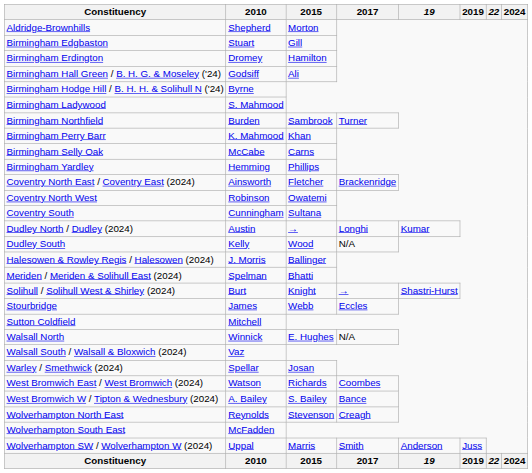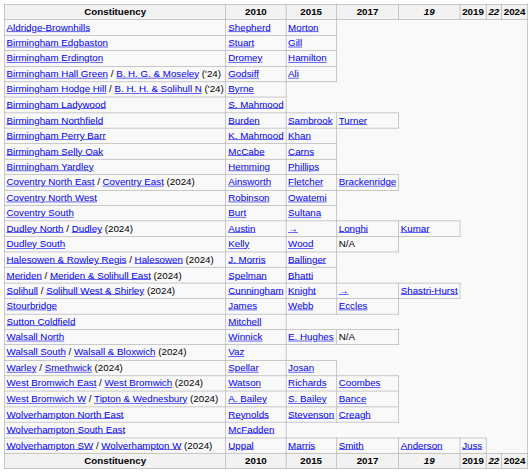 <table class="wikitable">
 <tr>
 <th>Constituency</th>
 <th>2010</th>
 <th>2015</th>
 <th>2017</th>
 <th><em>19</em></th>
 <th>2019</th>
 <th><em>22</em></th>
 <th>2024</th>
 </tr>
 <tr>
 <td><a href='#'>Aldridge-Brownhills</a></td>
 <td><a href='#'>Shepherd</a></td>
 <td><a href='#'>Morton</a></td>
 </tr>
 <tr>
 <td><a href='#'>Birmingham Edgbaston</a></td>
 <td><a href='#'>Stuart</a></td>
 <td><a href='#'>Gill</a></td>
 </tr>
 <tr>
 <td><a href='#'>Birmingham Erdington</a></td>
 <td><a href='#'>Dromey</a></td>
 <td><a href='#'>Hamilton</a></td>
 </tr>
 <tr>
 <td><a href='#'>Birmingham Hall Green</a> / <a href='#'>B. H. G. & Moseley</a> ('24)</td>
 <td><a href='#'>Godsiff</a></td>
 <td><a href='#'>Ali</a></td>
 </tr>
 <tr>
 <td><a href='#'>Birmingham Hodge Hill</a> / <a href='#'>B. H. H. & Solihull N</a> ('24)</td>
 <td><a href='#'>Byrne</a></td>
 </tr>
 <tr>
 <td><a href='#'>Birmingham Ladywood</a></td>
 <td><a href='#'>S. Mahmood</a></td>
 </tr>
 <tr>
 <td><a href='#'>Birmingham Northfield</a></td>
 <td><a href='#'>Burden</a></td>
 <td><a href='#'>Sambrook</a></td>
 <td><a href='#'>Turner</a></td>
 </tr>
 <tr>
 <td><a href='#'>Birmingham Perry Barr</a></td>
 <td><a href='#'>K. Mahmood</a></td>
 <td><a href='#'>Khan</a></td>
 </tr>
 <tr>
 <td><a href='#'>Birmingham Selly Oak</a></td>
 <td><a href='#'>McCabe</a></td>
 <td><a href='#'>Carns</a></td>
 </tr>
 <tr>
 <td><a href='#'>Birmingham Yardley</a></td>
 <td><a href='#'>Hemming</a></td>
 <td><a href='#'>Phillips</a></td>
 </tr>
 <tr>
 <td><a href='#'>Coventry North East</a> / <a href='#'>Coventry East</a> (2024)</td>
 <td><a href='#'>Ainsworth</a></td>
 <td><a href='#'>Fletcher</a></td>
 <td><a href='#'>Brackenridge</a></td>
 </tr>
 <tr>
 <td><a href='#'>Coventry North West</a></td>
 <td><a href='#'>Robinson</a></td>
 <td><a href='#'>Owatemi</a></td>
 </tr>
 <tr>
 <td><a href='#'>Coventry South</a></td>
-<td><a href='#'>Cunningham</a></td>
+<td><a href='#'>Burt</a></td>
 <td><a href='#'>Sultana</a></td>
 </tr>
 <tr>
 <td><a href='#'>Dudley North</a> / <a href='#'>Dudley</a> (2024)</td>
 <td><a href='#'>Austin</a></td>
 <td><a href='#'>→</a></td>
 <td><a href='#'>Longhi</a></td>
 <td><a href='#'>Kumar</a></td>
 </tr>
 <tr>
 <td><a href='#'>Dudley South</a></td>
 <td><a href='#'>Kelly</a></td>
 <td><a href='#'>Wood</a></td>
 <td>N/A</td>
 </tr>
 <tr>
 <td><a href='#'>Halesowen & Rowley Regis</a> / <a href='#'>Halesowen</a> (2024)</td>
 <td><a href='#'>J. Morris</a></td>
 <td><a href='#'>Ballinger</a></td>
 </tr>
 <tr>
 <td><a href='#'>Meriden</a> / <a href='#'>Meriden & Solihull East</a> (2024)</td>
 <td><a href='#'>Spelman</a></td>
 <td><a href='#'>Bhatti</a></td>
 </tr>
 <tr>
 <td><a href='#'>Solihull</a> / <a href='#'>Solihull West & Shirley</a> (2024)</td>
-<td><a href='#'>Burt</a></td>
+<td><a href='#'>Cunningham</a></td>
 <td><a href='#'>Knight</a></td>
 <td><a href='#'>→</a></td>
 <td><a href='#'>Shastri-Hurst</a></td>
 </tr>
 <tr>
 <td><a href='#'>Stourbridge</a></td>
 <td><a href='#'>James</a></td>
 <td><a href='#'>Webb</a></td>
 <td><a href='#'>Eccles</a></td>
 </tr>
 <tr>
 <td><a href='#'>Sutton Coldfield</a></td>
 <td><a href='#'>Mitchell</a></td>
 </tr>
 <tr>
 <td><a href='#'>Walsall North</a></td>
 <td><a href='#'>Winnick</a></td>
 <td><a href='#'>E. Hughes</a></td>
 <td>N/A</td>
 </tr>
 <tr>
 <td><a href='#'>Walsall South</a> / <a href='#'>Walsall & Bloxwich</a> (2024)</td>
 <td><a href='#'>Vaz</a></td>
 </tr>
 <tr>
 <td><a href='#'>Warley</a> / <a href='#'>Smethwick</a> (2024)</td>
 <td><a href='#'>Spellar</a></td>
 <td><a href='#'>Josan</a></td>
 </tr>
 <tr>
 <td><a href='#'>West Bromwich East</a> / <a href='#'>West Bromwich</a> (2024)</td>
 <td><a href='#'>Watson</a></td>
 <td><a href='#'>Richards</a></td>
 <td><a href='#'>Coombes</a></td>
 </tr>
 <tr>
 <td><a href='#'>West Bromwich W</a> / <a href='#'>Tipton & Wednesbury</a> (2024)</td>
 <td><a href='#'>A. Bailey</a></td>
 <td><a href='#'>S. Bailey</a></td>
 <td><a href='#'>Bance</a></td>
 </tr>
 <tr>
 <td><a href='#'>Wolverhampton North East</a></td>
 <td><a href='#'>Reynolds</a></td>
 <td><a href='#'>Stevenson</a></td>
 <td><a href='#'>Creagh</a></td>
 </tr>
 <tr>
 <td><a href='#'>Wolverhampton South East</a></td>
 <td><a href='#'>McFadden</a></td>
 </tr>
 <tr>
 <td><a href='#'>Wolverhampton SW</a> / <a href='#'>Wolverhampton W</a> (2024)</td>
 <td><a href='#'>Uppal</a></td>
 <td><a href='#'>Marris</a></td>
 <td><a href='#'>Smith</a></td>
 <td><a href='#'>Anderson</a></td>
 <td><a href='#'>Juss</a></td>
 </tr>
 <tr>
 <th>Constituency</th>
 <th>2010</th>
 <th>2015</th>
 <th>2017</th>
 <th><em>19</em></th>
 <th>2019</th>
 <th><em>22</em></th>
 <th>2024</th>
 </tr>
 </table>
